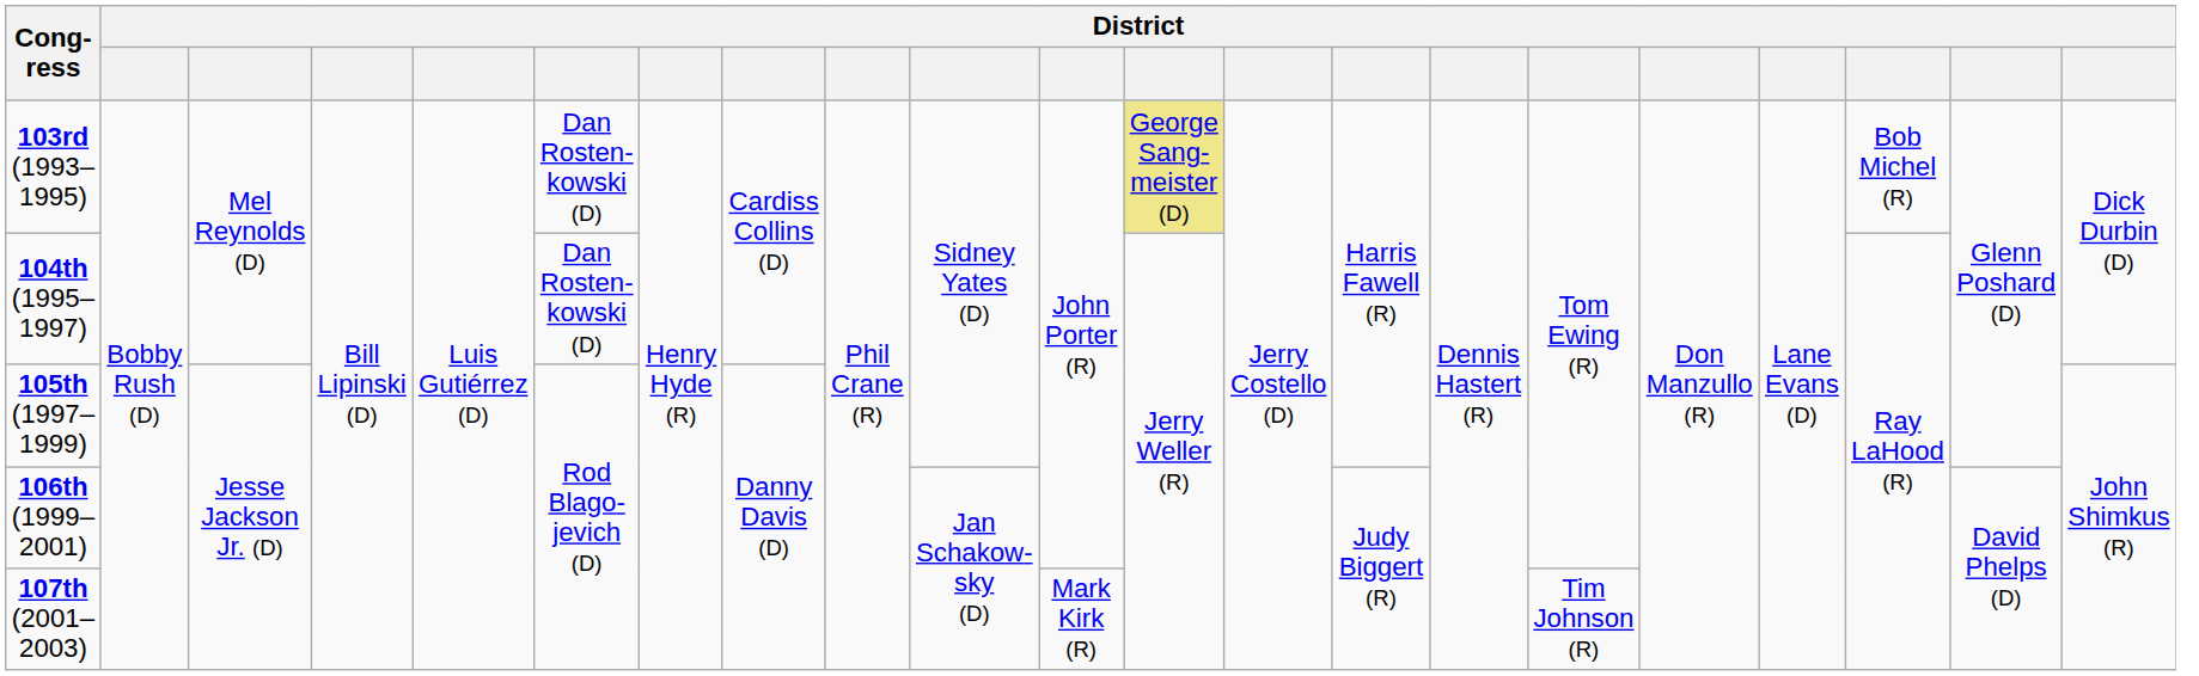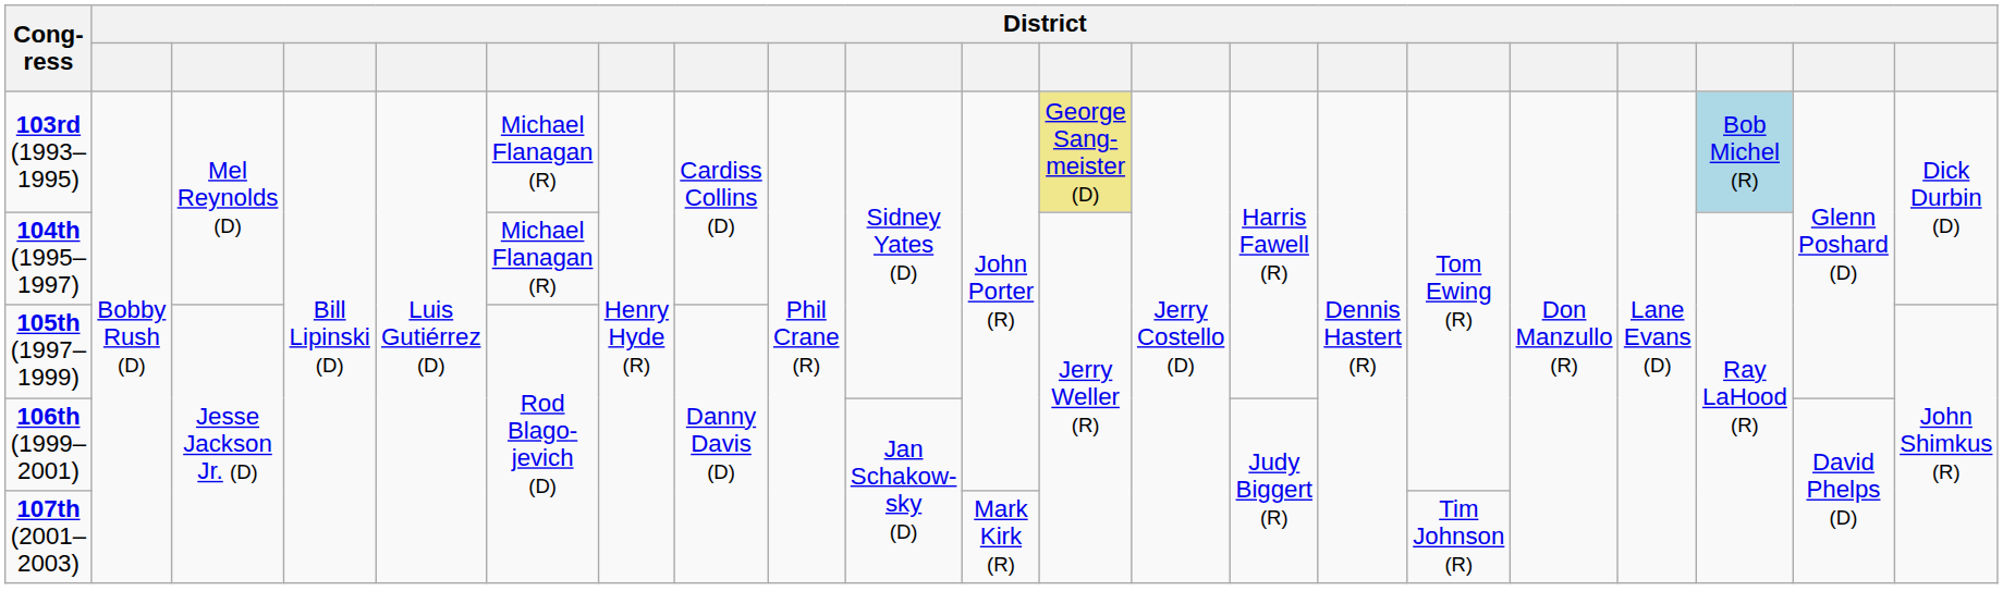 <table class=wikitable style="text-align:center">
 <tr>
 <th rowspan=2>Cong­ress</th>
 <th colspan=20>District</th>
 </tr>
 <tr style="height:2em" style="height:2em">
 <th></th>
 <th></th>
 <th></th>
 <th></th>
 <th></th>
 <th></th>
 <th></th>
 <th></th>
 <th></th>
 <th></th>
 <th></th>
 <th></th>
 <th></th>
 <th></th>
 <th></th>
 <th></th>
 <th></th>
 <th></th>
 <th></th>
 <th></th>
 </tr>
 <tr style="height:2em" style="height:2em">
 <td><strong><a href='#'>103rd</a></strong><br>(1993–1995)</td>
 <td rowspan=5 ><a href='#'>Bobby<br>Rush</a><br><small>(D)</small></td>
 <td rowspan=2 ><a href='#'>Mel<br>Reynolds</a><br><small>(D)</small></td>
 <td rowspan=5 ><a href='#'>Bill<br>Lipinski</a><br><small>(D)</small></td>
 <td rowspan=5 ><a href='#'>Luis<br>Gutiérrez</a><br><small>(D)</small></td>
-<td><a href='#'>Dan<br>Rosten­kowski</a> <small>(D)</small></td>
+<td><a href='#'>Michael<br>Flanagan</a> <small>(R)</small></td>
 <td rowspan=5 ><a href='#'>Henry<br>Hyde</a><br><small>(R)</small></td>
 <td rowspan=2 ><a href='#'>Cardiss<br>Collins</a><br><small>(D)</small></td>
 <td rowspan=5 ><a href='#'>Phil<br>Crane</a><br><small>(R)</small></td>
 <td rowspan=3 ><a href='#'>Sidney<br>Yates</a><br><small>(D)</small></td>
 <td rowspan=4 ><a href='#'>John<br>Porter</a><br><small>(R)</small></td>
 <td style="background: khaki;"><a href='#'>George<br>Sang­meister</a> <small>(D)</small></td>
 <td rowspan=5 ><a href='#'>Jerry<br>Costello</a><br><small>(D)</small></td>
 <td rowspan=3 ><a href='#'>Harris<br>Fawell</a><br><small>(R)</small></td>
 <td rowspan=5 ><a href='#'>Dennis<br>Hastert</a><br><small>(R)</small></td>
 <td rowspan=4 ><a href='#'>Tom<br>Ewing</a><br><small>(R)</small></td>
 <td rowspan=5 ><a href='#'>Don<br>Manzullo</a><br><small>(R)</small></td>
 <td rowspan=5 ><a href='#'>Lane<br>Evans</a><br><small>(D)</small></td>
-<td><a href='#'>Bob<br>Michel</a> <small>(R)</small></td>
+<td style="background: lightblue;"><a href='#'>Bob<br>Michel</a> <small>(R)</small></td>
 <td rowspan=3 ><a href='#'>Glenn<br>Poshard</a><br><small>(D)</small></td>
 <td rowspan=2 ><a href='#'>Dick<br>Durbin</a><br><small>(D)</small></td>
 </tr>
 <tr style="height:2em" style="height:2em">
 <td><strong><a href='#'>104th</a></strong><br>(1995–1997)</td>
-<td><a href='#'>Dan<br>Rosten­kowski</a> <small>(D)</small></td>
+<td><a href='#'>Michael<br>Flanagan</a> <small>(R)</small></td>
 <td rowspan=4 ><a href='#'>Jerry<br>Weller</a><br><small>(R)</small></td>
 <td rowspan=4 ><a href='#'>Ray<br>LaHood</a><br><small>(R)</small></td>
 </tr>
 <tr style="height:2em" style="height:2em">
 <td><strong><a href='#'>105th</a></strong><br>(1997–1999)</td>
 <td rowspan=3 ><a href='#'>Jesse<br>Jackson<br>Jr.</a> <small>(D)</small></td>
 <td rowspan=3 ><a href='#'>Rod<br>Blago­jevich</a><br><small>(D)</small></td>
 <td rowspan=3 ><a href='#'>Danny<br>Davis</a><br><small>(D)</small></td>
 <td rowspan=3 ><a href='#'>John<br>Shimkus</a><br><small>(R)</small></td>
 </tr>
 <tr style="height:2em" style="height:2em">
 <td><strong><a href='#'>106th</a></strong><br>(1999–2001)</td>
 <td rowspan=2 ><a href='#'>Jan<br>Schakow­sky</a><br><small>(D)</small></td>
 <td rowspan=2 ><a href='#'>Judy<br>Biggert</a><br><small>(R)</small></td>
 <td rowspan=2 ><a href='#'>David<br>Phelps</a><br><small>(D)</small></td>
 </tr>
 <tr style="height:2em" style="height:2em">
 <td><strong><a href='#'>107th</a></strong><br>(2001–2003)</td>
 <td><a href='#'>Mark<br>Kirk</a> <small>(R)</small></td>
 <td><a href='#'>Tim<br>Johnson</a> <small>(R)</small></td>
 </tr>
 </table>
